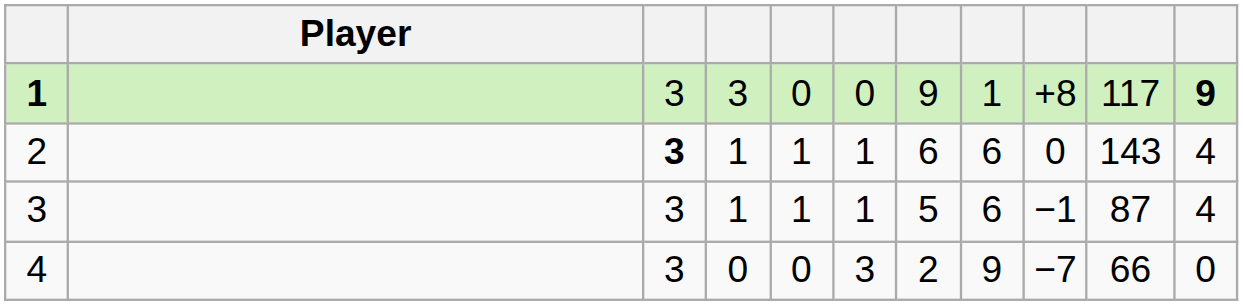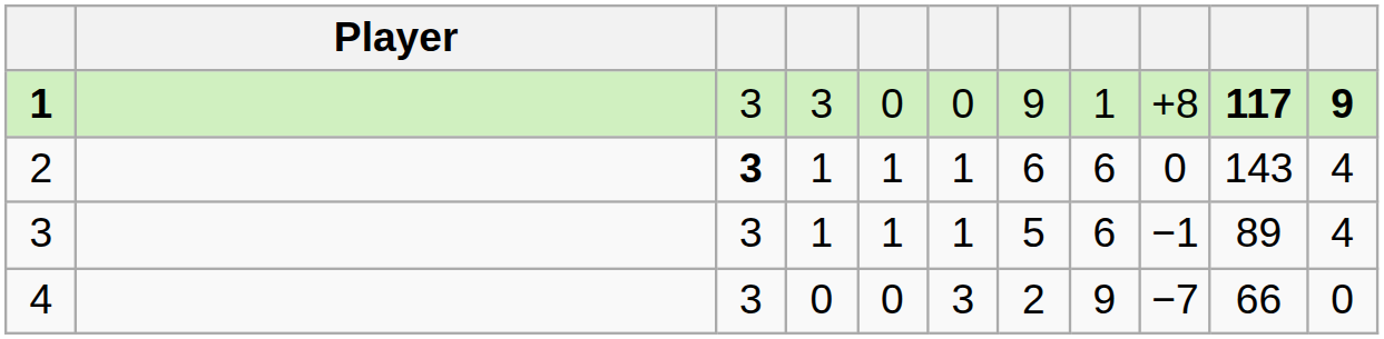 <table class="wikitable" style="text-align:center; margin: 1em auto 1em auto, align:left">
 <tr>
 <th width=20></th>
 <th width=240>Player</th>
 <th width=20></th>
 <th width=20></th>
 <th width=20></th>
 <th width=20></th>
 <th width=20></th>
 <th width=20></th>
 <th width=20></th>
 <th width=30></th>
 <th width=20></th>
 </tr>
 <tr style="background:#D0F0C0;">
 <td><strong>1</strong></td>
 <td align=left></td>
 <td>3</td>
 <td>3</td>
 <td>0</td>
 <td>0</td>
 <td>9</td>
 <td>1</td>
 <td>+8</td>
-<td>117</td>
+<td><strong>117</strong></td>
 <td><strong>9</strong></td>
 </tr>
 <tr style=>
 <td>2</td>
 <td align=left></td>
 <td><strong>3</strong></td>
 <td>1</td>
 <td>1</td>
 <td>1</td>
 <td>6</td>
 <td>6</td>
 <td>0</td>
 <td>143</td>
 <td>4</td>
 </tr>
 <tr style=>
 <td>3</td>
 <td align=left></td>
 <td>3</td>
 <td>1</td>
 <td>1</td>
 <td>1</td>
 <td>5</td>
 <td>6</td>
 <td>−1</td>
-<td>87</td>
+<td>89</td>
 <td>4</td>
 </tr>
 <tr style=>
 <td>4</td>
 <td align=left></td>
 <td>3</td>
 <td>0</td>
 <td>0</td>
 <td>3</td>
 <td>2</td>
 <td>9</td>
 <td>−7</td>
 <td>66</td>
 <td>0</td>
 </tr>
 </table>
